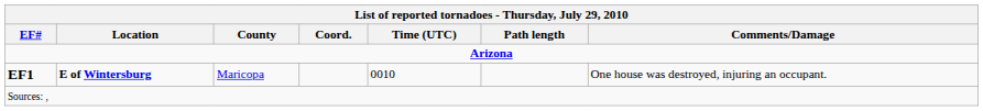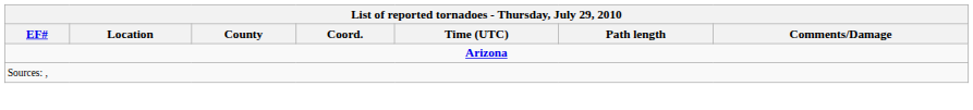 <table class="wikitable collapsible" style="width:100%;">
 <tr>
 <th colspan="7">List of reported tornadoes - Thursday, July 29, 2010</th>
 </tr>
 <tr>
 <th><a href='#'>EF#</a></th>
 <th>Location</th>
 <th>County</th>
 <th>Coord.</th>
 <th>Time (UTC)</th>
 <th>Path length</th>
 <th>Comments/Damage</th>
 </tr>
 <tr>
 <td colspan="7" style="text-align:center;"><strong><a href='#'>Arizona</a></strong></td>
 </tr>
 <tr>
-<td><big><strong>EF1</strong></big></td>
-<td><strong>E of <a href='#'>Wintersburg</a></strong></td>
-<td><a href='#'>Maricopa</a></td>
-<td></td>
-<td>0010</td>
-<td></td>
-<td>One house was destroyed, injuring an occupant.</td>
-</tr>
-<tr>
 <td colspan="7"><small>Sources: , </small></td>
 </tr>
 </table>
